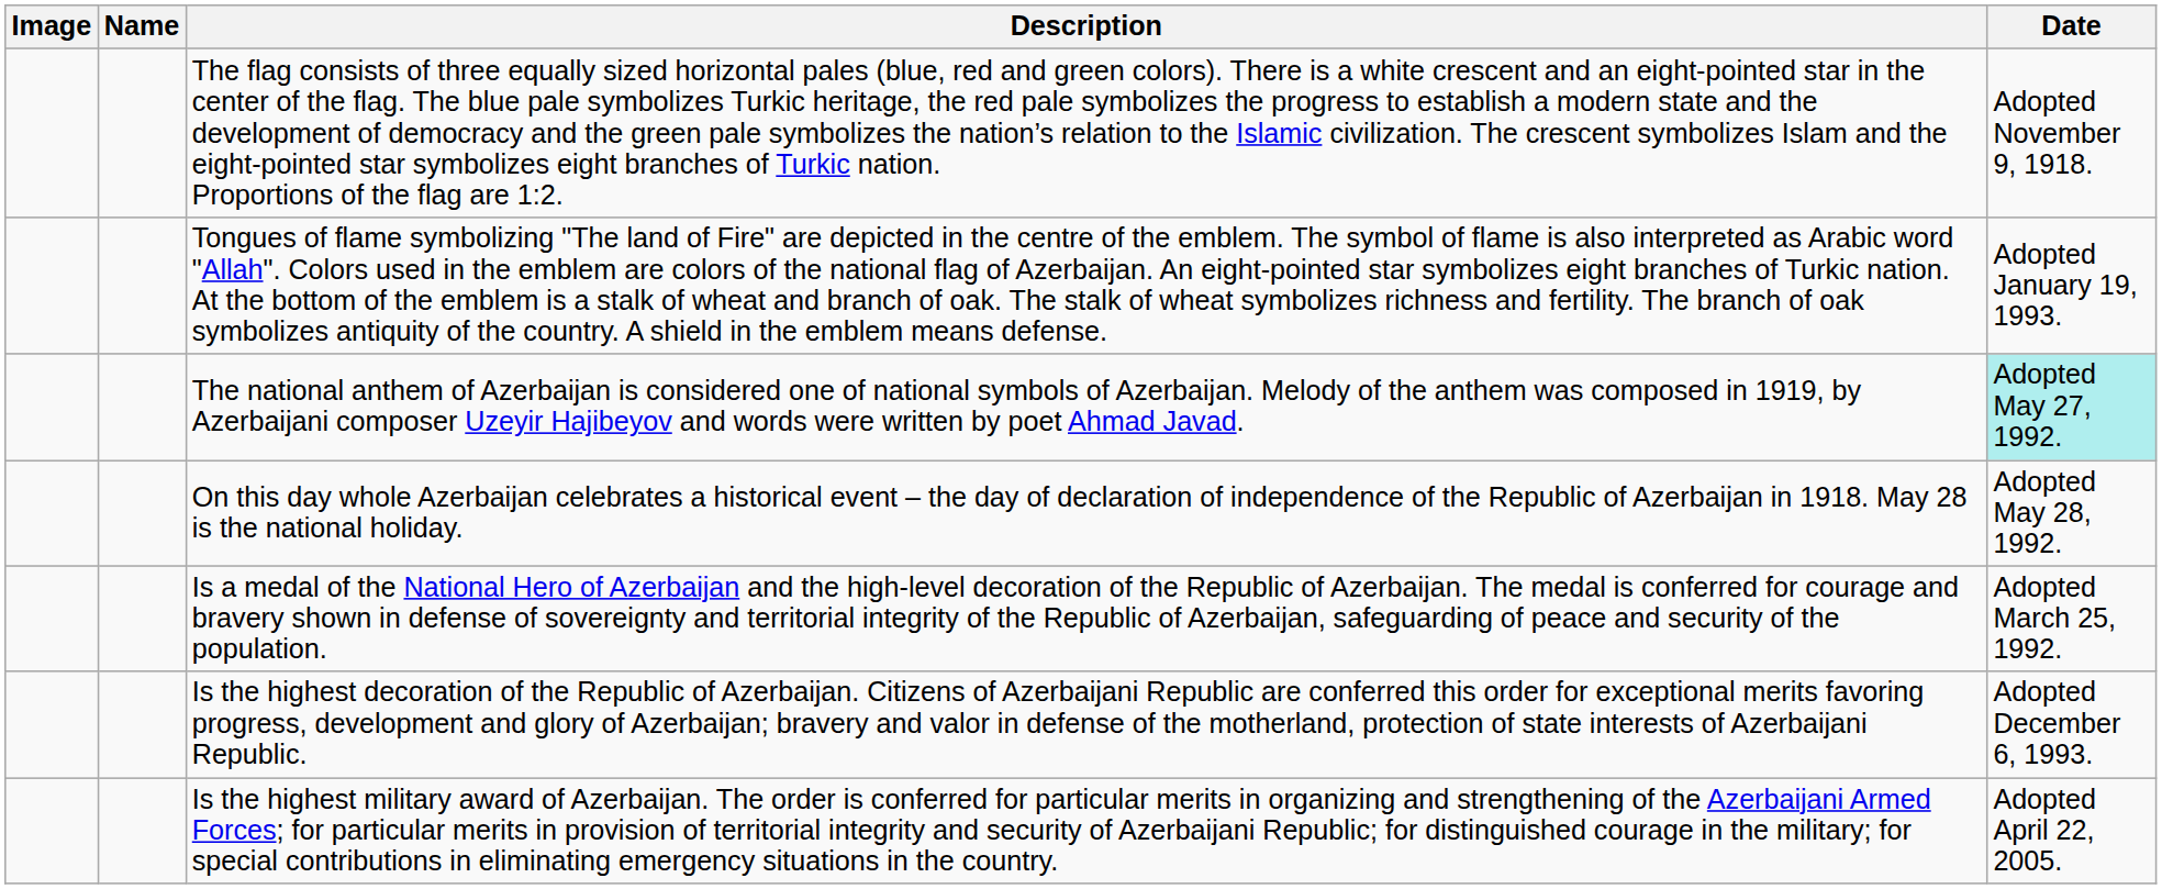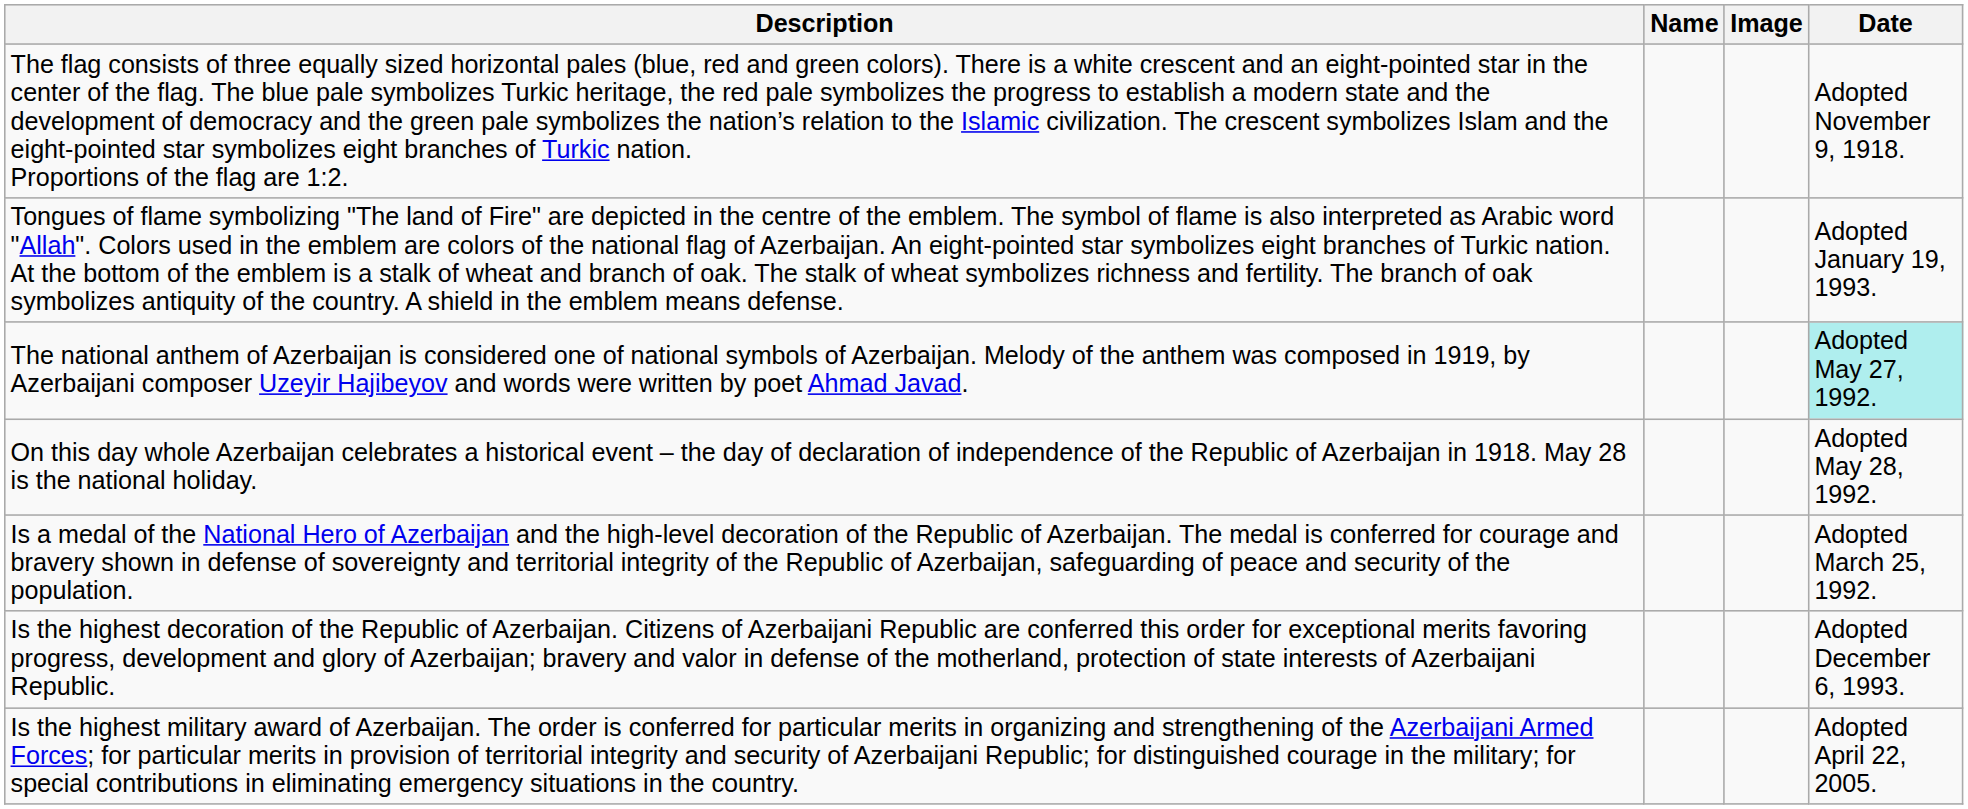 <table class="wikitable">
 <tr>
+<th>Description</th>
+<th>Name</th>
 <th>Image</th>
-<th>Name</th>
-<th>Description</th>
 <th>Date</th>
 </tr>
 <tr>
+<td>The flag consists of three equally sized horizontal pales (blue, red and green colors). There is a white crescent and an eight-pointed star in the center of the flag. The blue pale symbolizes Turkic heritage, the red pale symbolizes the progress to establish a modern state and the development of democracy and the green pale symbolizes the nation’s relation to the <a href='#'>Islamic</a> civilization. The crescent symbolizes Islam and the eight-pointed star symbolizes eight branches of <a href='#'>Turkic</a> nation.<br>Proportions of the flag are 1:2.</td>
 <td></td>
 <td></td>
-<td>The flag consists of three equally sized horizontal pales (blue, red and green colors). There is a white crescent and an eight-pointed star in the center of the flag. The blue pale symbolizes Turkic heritage, the red pale symbolizes the progress to establish a modern state and the development of democracy and the green pale symbolizes the nation’s relation to the <a href='#'>Islamic</a> civilization. The crescent symbolizes Islam and the eight-pointed star symbolizes eight branches of <a href='#'>Turkic</a> nation.<br>Proportions of the flag are 1:2.</td>
 <td>Adopted<br>November 9, 1918.</td>
 </tr>
 <tr>
+<td>Tongues of flame symbolizing "The land of Fire" are depicted in the centre of the emblem. The symbol of flame is also interpreted as Arabic word "<a href='#'>Allah</a>". Colors used in the emblem are colors of the national flag of Azerbaijan. An eight-pointed star symbolizes eight branches of Turkic nation. At the bottom of the emblem is a stalk of wheat and branch of oak. The stalk of wheat symbolizes richness and fertility. The branch of oak symbolizes antiquity of the country. A shield in the emblem means defense.</td>
 <td></td>
 <td></td>
-<td>Tongues of flame symbolizing "The land of Fire" are depicted in the centre of the emblem. The symbol of flame is also interpreted as Arabic word "<a href='#'>Allah</a>". Colors used in the emblem are colors of the national flag of Azerbaijan. An eight-pointed star symbolizes eight branches of Turkic nation. At the bottom of the emblem is a stalk of wheat and branch of oak. The stalk of wheat symbolizes richness and fertility. The branch of oak symbolizes antiquity of the country. A shield in the emblem means defense.</td>
 <td>Adopted<br>January 19, 1993.</td>
 </tr>
 <tr>
+<td>The national anthem of Azerbaijan is considered one of national symbols of Azerbaijan. Melody of the anthem was composed in 1919, by Azerbaijani composer <a href='#'>Uzeyir Hajibeyov</a> and words were written by poet <a href='#'>Ahmad Javad</a>.</td>
 <td></td>
 <td></td>
-<td>The national anthem of Azerbaijan is considered one of national symbols of Azerbaijan. Melody of the anthem was composed in 1919, by Azerbaijani composer <a href='#'>Uzeyir Hajibeyov</a> and words were written by poet <a href='#'>Ahmad Javad</a>.</td>
 <td style="background: paleturquoise;">Adopted<br>May 27, 1992.</td>
 </tr>
 <tr>
+<td>On this day whole Azerbaijan celebrates a historical event – the day of declaration of independence of the Republic of Azerbaijan in 1918. May 28 is the national holiday.</td>
 <td></td>
 <td></td>
-<td>On this day whole Azerbaijan celebrates a historical event – the day of declaration of independence of the Republic of Azerbaijan in 1918. May 28 is the national holiday.</td>
 <td>Adopted<br>May 28, 1992.</td>
 </tr>
 <tr>
+<td>Is a medal of the <a href='#'>National Hero of Azerbaijan</a> and the high-level decoration of the Republic of Azerbaijan. The medal is conferred for courage and bravery shown in defense of sovereignty and territorial integrity of the Republic of Azerbaijan, safeguarding of peace and security of the population.</td>
 <td></td>
 <td></td>
-<td>Is a medal of the <a href='#'>National Hero of Azerbaijan</a> and the high-level decoration of the Republic of Azerbaijan. The medal is conferred for courage and bravery shown in defense of sovereignty and territorial integrity of the Republic of Azerbaijan, safeguarding of peace and security of the population.</td>
 <td>Adopted<br>March 25, 1992.</td>
 </tr>
 <tr>
+<td>Is the highest decoration of the Republic of Azerbaijan. Citizens of Azerbaijani Republic are conferred this order for exceptional merits favoring progress, development and glory of Azerbaijan; bravery and valor in defense of the motherland, protection of state interests of Azerbaijani Republic.</td>
 <td></td>
 <td></td>
-<td>Is the highest decoration of the Republic of Azerbaijan. Citizens of Azerbaijani Republic are conferred this order for exceptional merits favoring progress, development and glory of Azerbaijan; bravery and valor in defense of the motherland, protection of state interests of Azerbaijani Republic.</td>
 <td>Adopted<br>December 6, 1993.</td>
 </tr>
 <tr>
+<td>Is the highest military award of Azerbaijan. The order is conferred for particular merits in organizing and strengthening of the <a href='#'>Azerbaijani Armed Forces</a>; for particular merits in provision of territorial integrity and security of Azerbaijani Republic; for distinguished courage in the military; for special contributions in eliminating emergency situations in the country.</td>
 <td></td>
 <td></td>
-<td>Is the highest military award of Azerbaijan. The order is conferred for particular merits in organizing and strengthening of the <a href='#'>Azerbaijani Armed Forces</a>; for particular merits in provision of territorial integrity and security of Azerbaijani Republic; for distinguished courage in the military; for special contributions in eliminating emergency situations in the country.</td>
 <td>Adopted<br>April 22, 2005.</td>
 </tr>
 </table>
